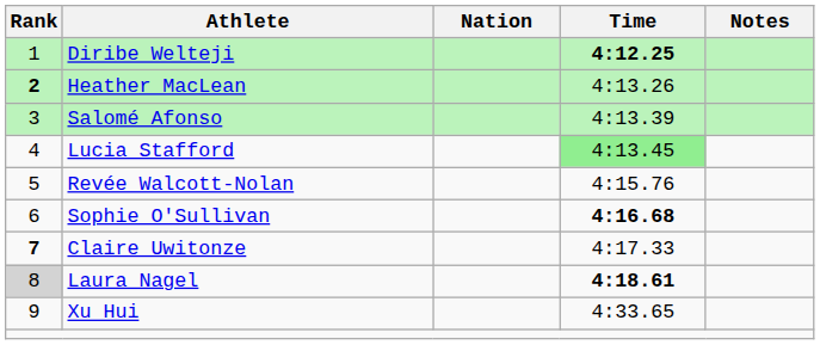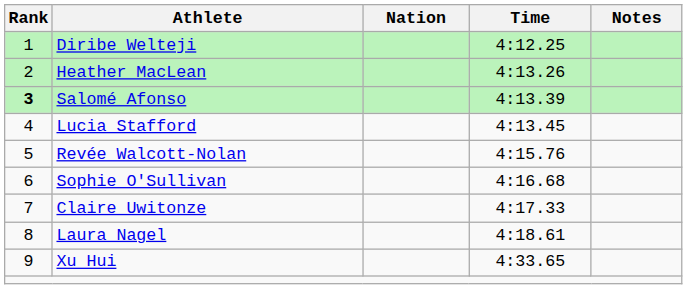 <table class="wikitable sortable" style="text-align:center;width: 60%;">
 <tr>
 <th scope="col" style="width: 10px;">Rank</th>
 <th scope="col">Athlete</th>
 <th scope="col">Nation</th>
 <th scope="col">Time</th>
 <th scope="col">Notes</th>
 </tr>
 <tr bgcolor=bbf3bb>
 <td>1</td>
 <td align=left><a href='#'>Diribe Welteji</a></td>
 <td align=left></td>
-<td><strong>4:12.25</strong></td>
+<td>4:12.25</td>
 <td></td>
 </tr>
 <tr bgcolor=bbf3bb>
-<td><strong>2</strong></td>
+<td>2</td>
 <td align=left><a href='#'>Heather MacLean</a></td>
 <td align=left></td>
 <td>4:13.26</td>
 <td></td>
 </tr>
 <tr bgcolor=bbf3bb>
-<td>3</td>
+<td><strong>3</strong></td>
 <td align=left><a href='#'>Salomé Afonso</a></td>
 <td align=left></td>
 <td>4:13.39</td>
 <td></td>
 </tr>
 <tr>
 <td>4</td>
 <td align=left><a href='#'>Lucia Stafford</a></td>
 <td align=left></td>
-<td style="background: lightgreen;">4:13.45</td>
+<td>4:13.45</td>
 <td></td>
 </tr>
 <tr>
 <td>5</td>
 <td align=left><a href='#'>Revée Walcott-Nolan</a></td>
 <td align=left></td>
 <td>4:15.76</td>
 <td></td>
 </tr>
 <tr>
 <td>6</td>
 <td align=left><a href='#'>Sophie O'Sullivan</a></td>
 <td align=left></td>
-<td><strong>4:16.68</strong></td>
+<td>4:16.68</td>
 <td></td>
 </tr>
 <tr>
-<td><strong>7</strong></td>
+<td>7</td>
 <td align=left><a href='#'>Claire Uwitonze</a></td>
 <td align=left></td>
 <td>4:17.33</td>
 <td></td>
 </tr>
 <tr>
-<td style="background: lightgrey;">8</td>
+<td>8</td>
 <td align=left><a href='#'>Laura Nagel</a></td>
 <td align=left></td>
-<td><strong>4:18.61</strong></td>
+<td>4:18.61</td>
 <td></td>
 </tr>
 <tr>
 <td>9</td>
 <td align=left><a href='#'>Xu Hui</a></td>
 <td align=left></td>
 <td>4:33.65</td>
 <td></td>
 </tr>
 <tr class="sortbottom">
 <td colspan="5"></td>
 </tr>
 </table>
